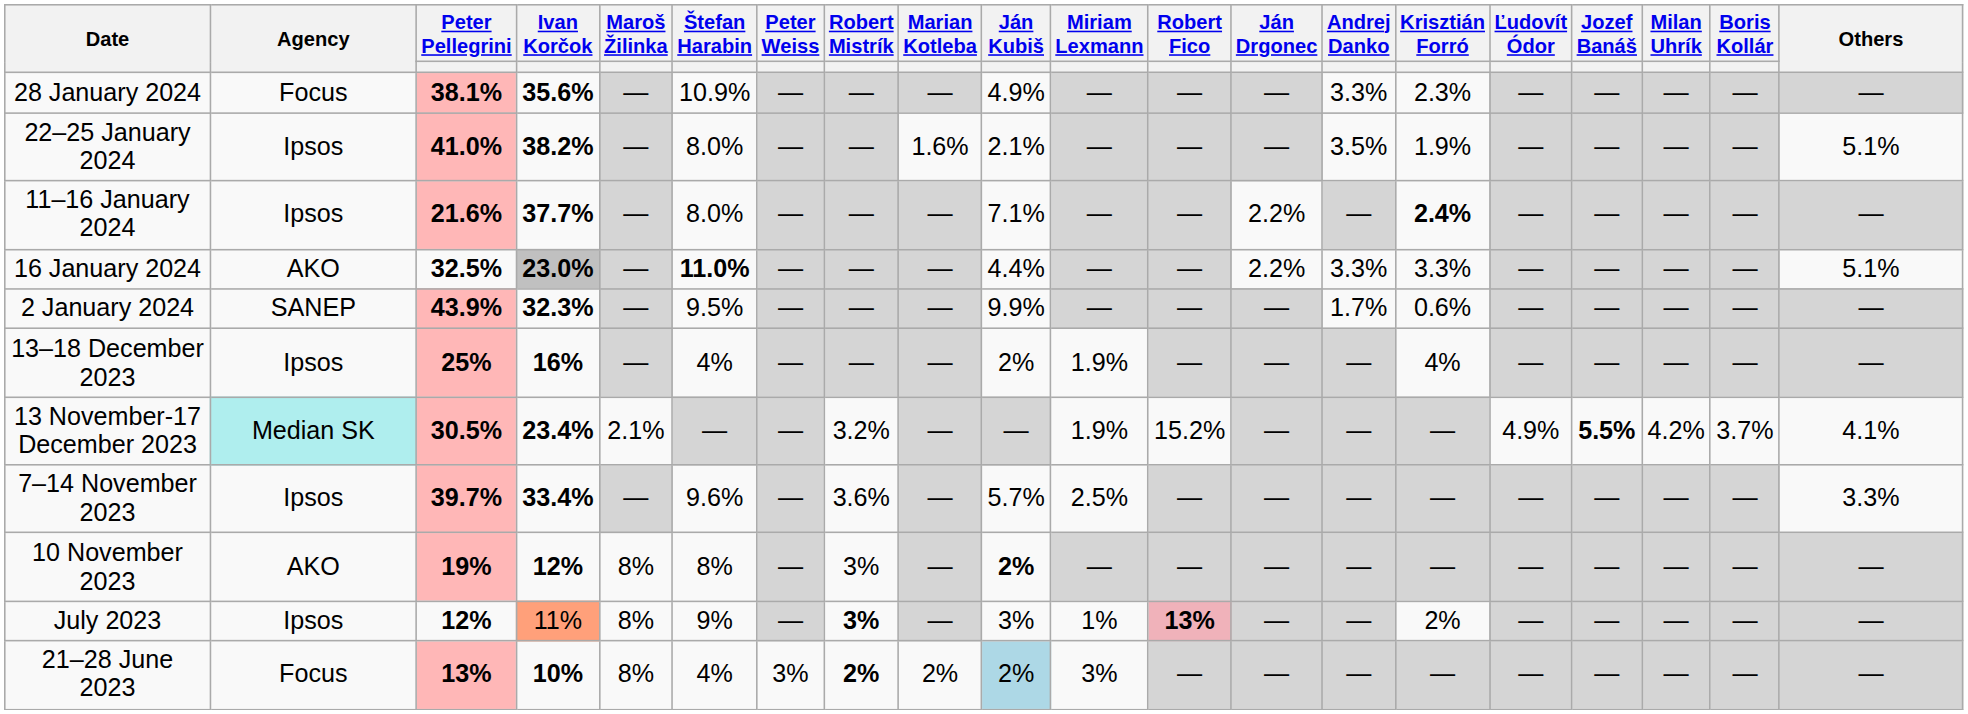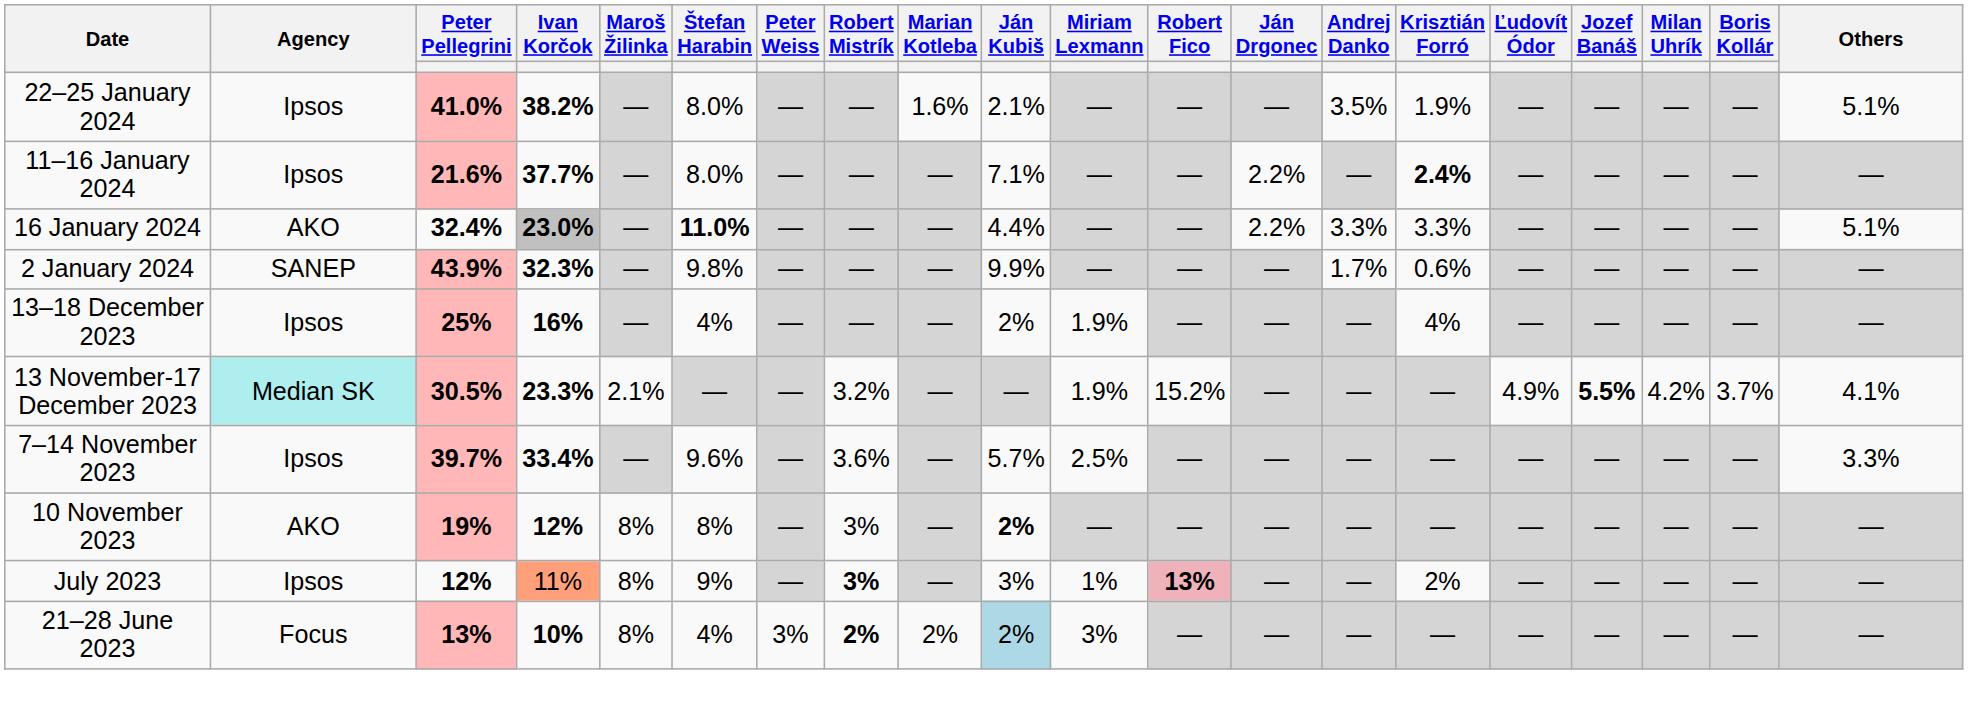 <table class="wikitable" style="text-align:center;">
 <tr style="font-size:80%;">
 <th style="width:150px;" rowspan="2">Date</th>
 <th style="width:165px;" rowspan="2">Agency</th>
 <th><a href='#'>Peter Pellegrini</a></th>
 <th><a href='#'>Ivan Korčok</a></th>
 <th><a href='#'>Maroš Žilinka</a></th>
 <th><a href='#'>Štefan Harabin</a></th>
 <th><a href='#'>Peter Weiss</a></th>
 <th><a href='#'>Robert Mistrík</a></th>
 <th><a href='#'>Marian Kotleba</a></th>
 <th><a href='#'>Ján Kubiš</a></th>
 <th><a href='#'>Miriam Lexmann</a></th>
 <th><a href='#'>Robert Fico</a></th>
 <th><a href='#'>Ján Drgonec</a></th>
 <th><a href='#'>Andrej Danko</a></th>
 <th><a href='#'>Krisztián Forró</a></th>
 <th><a href='#'>Ľudovít Ódor</a></th>
 <th><a href='#'>Jozef Banáš</a></th>
 <th><a href='#'>Milan Uhrík</a></th>
 <th><a href='#'>Boris Kollár</a></th>
 <th style="width:150px;" rowspan="2">Others</th>
 </tr>
 <tr>
 <th style="background:"></th>
 <th style="background:"></th>
 <th style="background:"></th>
 <th style="background:"></th>
 <th style="background:"></th>
 <th style="background:"></th>
 <th style="background:"></th>
 <th style="background:"></th>
 <th style="background:"></th>
 <th style="background:"></th>
 <th style="background:"></th>
 <th style="background:"></th>
 <th style="background:"></th>
 <th style="background:"></th>
 <th style="background:"></th>
 <th style="background:"></th>
 <th style="background:"></th>
-</tr>
-<tr>
-<td>28 January 2024</td>
-<td>Focus</td>
-<td style="background:#FFB7B7;"><strong>38.1%</strong></td>
-<td><strong>35.6%</strong></td>
-<td style="background:#D5D5D5">—</td>
-<td>10.9%</td>
-<td style="background:#D5D5D5">—</td>
-<td style="background:#D5D5D5">—</td>
-<td style="background:#D5D5D5">—</td>
-<td>4.9%</td>
-<td style="background:#D5D5D5">—</td>
-<td style="background:#D5D5D5">—</td>
-<td style="background:#D5D5D5">—</td>
-<td>3.3%</td>
-<td>2.3%</td>
-<td style="background:#D5D5D5">—</td>
-<td style="background:#D5D5D5">—</td>
-<td style="background:#D5D5D5">—</td>
-<td style="background:#D5D5D5">—</td>
-<td style="background:#D5D5D5">—</td>
 </tr>
 <tr>
 <td>22–25 January 2024</td>
 <td>Ipsos</td>
 <td style="background:#FFB7B7;"><strong>41.0%</strong></td>
 <td><strong>38.2%</strong></td>
 <td style="background:#D5D5D5">—</td>
 <td>8.0%</td>
 <td style="background:#D5D5D5">—</td>
 <td style="background:#D5D5D5">—</td>
 <td>1.6%</td>
 <td>2.1%</td>
 <td style="background:#D5D5D5">—</td>
 <td style="background:#D5D5D5">—</td>
 <td style="background:#D5D5D5">—</td>
 <td>3.5%</td>
 <td>1.9%</td>
 <td style="background:#D5D5D5">—</td>
 <td style="background:#D5D5D5">—</td>
 <td style="background:#D5D5D5">—</td>
 <td style="background:#D5D5D5">—</td>
 <td>5.1%</td>
 </tr>
 <tr>
 <td>11–16 January 2024</td>
 <td>Ipsos</td>
 <td style="background:#FFB7B7;"><strong>21.6%</strong></td>
 <td><strong>37.7%</strong></td>
 <td style="background:#D5D5D5">—</td>
 <td>8.0%</td>
 <td style="background:#D5D5D5">—</td>
 <td style="background:#D5D5D5">—</td>
 <td style="background:#D5D5D5">—</td>
 <td>7.1%</td>
 <td style="background:#D5D5D5">—</td>
 <td style="background:#D5D5D5">—</td>
 <td>2.2%</td>
 <td style="background:#D5D5D5">—</td>
 <td><strong>2.4%</strong></td>
 <td style="background:#D5D5D5">—</td>
 <td style="background:#D5D5D5">—</td>
 <td style="background:#D5D5D5">—</td>
 <td style="background:#D5D5D5">—</td>
 <td style="background:#D5D5D5">—</td>
 </tr>
 <tr>
 <td>16 January 2024</td>
 <td>AKO</td>
-<td><strong>32.5%</strong></td>
+<td><strong>32.4%</strong></td>
 <td style="background:#C0C0C0;"><strong>23.0%</strong></td>
 <td style="background:#D5D5D5">—</td>
 <td><strong>11.0%</strong></td>
 <td style="background:#D5D5D5">—</td>
 <td style="background:#D5D5D5">—</td>
 <td style="background:#D5D5D5">—</td>
 <td>4.4%</td>
 <td style="background:#D5D5D5">—</td>
 <td style="background:#D5D5D5">—</td>
 <td>2.2%</td>
 <td>3.3%</td>
 <td>3.3%</td>
 <td style="background:#D5D5D5">—</td>
 <td style="background:#D5D5D5">—</td>
 <td style="background:#D5D5D5">—</td>
 <td style="background:#D5D5D5">—</td>
 <td>5.1%</td>
 </tr>
 <tr>
 <td>2 January 2024</td>
 <td>SANEP</td>
 <td style="background:#FFB7B7;"><strong>43.9%</strong></td>
 <td><strong>32.3%</strong></td>
 <td style="background:#D5D5D5">—</td>
-<td>9.5%</td>
+<td>9.8%</td>
 <td style="background:#D5D5D5">—</td>
 <td style="background:#D5D5D5">—</td>
 <td style="background:#D5D5D5">—</td>
 <td>9.9%</td>
 <td style="background:#D5D5D5">—</td>
 <td style="background:#D5D5D5">—</td>
 <td style="background:#D5D5D5">—</td>
 <td>1.7%</td>
 <td>0.6%</td>
 <td style="background:#D5D5D5">—</td>
 <td style="background:#D5D5D5">—</td>
 <td style="background:#D5D5D5">—</td>
 <td style="background:#D5D5D5">—</td>
 <td style="background:#D5D5D5">—</td>
 </tr>
 <tr>
 <td>13–18 December 2023</td>
 <td>Ipsos</td>
 <td style="background:#FFB7B7;"><strong>25%</strong></td>
 <td><strong>16%</strong></td>
 <td style="background:#D5D5D5">—</td>
 <td>4%</td>
 <td style="background:#D5D5D5">—</td>
 <td style="background:#D5D5D5">—</td>
 <td style="background:#D5D5D5">—</td>
 <td>2%</td>
 <td>1.9%</td>
 <td style="background:#D5D5D5">—</td>
 <td style="background:#D5D5D5">—</td>
 <td style="background:#D5D5D5">—</td>
 <td>4%</td>
 <td style="background:#D5D5D5">—</td>
 <td style="background:#D5D5D5">—</td>
 <td style="background:#D5D5D5">—</td>
 <td style="background:#D5D5D5">—</td>
 <td style="background:#D5D5D5">—</td>
 </tr>
 <tr>
 <td>13 November-17 December 2023</td>
 <td style="background: paleturquoise;">Median SK</td>
 <td style="background:#FFB7B7;"><strong>30.5%</strong></td>
-<td><strong>23.4%</strong></td>
+<td><strong>23.3%</strong></td>
 <td>2.1%</td>
 <td style="background:#D5D5D5">—</td>
 <td style="background:#D5D5D5">—</td>
 <td>3.2%</td>
 <td style="background:#D5D5D5">—</td>
 <td style="background:#D5D5D5">—</td>
 <td>1.9%</td>
 <td>15.2%</td>
 <td style="background:#D5D5D5">—</td>
 <td style="background:#D5D5D5">—</td>
 <td style="background:#D5D5D5">—</td>
 <td>4.9%</td>
 <td><strong>5.5%</strong></td>
 <td>4.2%</td>
 <td>3.7%</td>
 <td>4.1%</td>
 </tr>
 <tr>
 <td>7–14 November 2023</td>
 <td>Ipsos</td>
 <td style="background:#FFB7B7;"><strong>39.7%</strong></td>
 <td><strong>33.4%</strong></td>
 <td style="background:#D5D5D5">—</td>
 <td>9.6%</td>
 <td style="background:#D5D5D5">—</td>
 <td>3.6%</td>
 <td style="background:#D5D5D5">—</td>
 <td>5.7%</td>
 <td>2.5%</td>
 <td style="background:#D5D5D5">—</td>
 <td style="background:#D5D5D5">—</td>
 <td style="background:#D5D5D5">—</td>
 <td style="background:#D5D5D5">—</td>
 <td style="background:#D5D5D5">—</td>
 <td style="background:#D5D5D5">—</td>
 <td style="background:#D5D5D5">—</td>
 <td style="background:#D5D5D5">—</td>
 <td>3.3%</td>
 </tr>
 <tr>
 <td>10 November 2023</td>
 <td>AKO</td>
 <td style="background:#FFB7B7;"><strong>19%</strong></td>
 <td><strong>12%</strong></td>
 <td>8%</td>
 <td>8%</td>
 <td style="background:#D5D5D5">—</td>
 <td>3%</td>
 <td style="background:#D5D5D5">—</td>
 <td><strong>2%</strong></td>
 <td style="background:#D5D5D5">—</td>
 <td style="background:#D5D5D5">—</td>
 <td style="background:#D5D5D5">—</td>
 <td style="background:#D5D5D5">—</td>
 <td style="background:#D5D5D5">—</td>
 <td style="background:#D5D5D5">—</td>
 <td style="background:#D5D5D5">—</td>
 <td style="background:#D5D5D5">—</td>
 <td style="background:#D5D5D5">—</td>
 <td style="background:#D5D5D5">—</td>
 </tr>
 <tr>
 <td>July 2023</td>
 <td>Ipsos</td>
 <td><strong>12%</strong></td>
 <td style="background: lightsalmon;">11%</td>
 <td>8%</td>
 <td>9%</td>
 <td style="background:#D5D5D5">—</td>
 <td><strong>3%</strong></td>
 <td style="background:#D5D5D5">—</td>
 <td>3%</td>
 <td>1%</td>
 <td style="background:#F0B2BA;"><strong>13%</strong></td>
 <td style="background:#D5D5D5">—</td>
 <td style="background:#D5D5D5">—</td>
 <td>2%</td>
 <td style="background:#D5D5D5">—</td>
 <td style="background:#D5D5D5">—</td>
 <td style="background:#D5D5D5">—</td>
 <td style="background:#D5D5D5">—</td>
 <td style="background:#D5D5D5">—</td>
 </tr>
 <tr>
 <td>21–28 June 2023</td>
 <td>Focus</td>
 <td style="background:#FFB7B7;"><strong>13%</strong></td>
 <td><strong>10%</strong></td>
 <td>8%</td>
 <td>4%</td>
 <td>3%</td>
 <td><strong>2%</strong></td>
 <td>2%</td>
 <td style="background: lightblue;">2%</td>
 <td>3%</td>
 <td style="background:#D5D5D5">—</td>
 <td style="background:#D5D5D5">—</td>
 <td style="background:#D5D5D5">—</td>
 <td style="background:#D5D5D5">—</td>
 <td style="background:#D5D5D5">—</td>
 <td style="background:#D5D5D5">—</td>
 <td style="background:#D5D5D5">—</td>
 <td style="background:#D5D5D5">—</td>
 <td style="background:#D5D5D5">—</td>
 </tr>
 </table>
